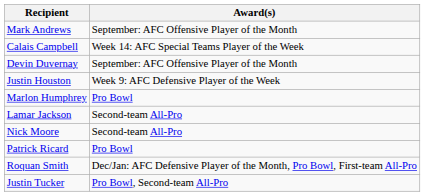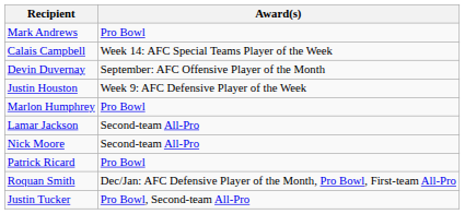 <table class="wikitable">
 <tr>
 <th>Recipient</th>
 <th>Award(s)</th>
 </tr>
 <tr>
 <td><a href='#'>Mark Andrews</a></td>
-<td>September: AFC Offensive Player of the Month</td>
+<td><a href='#'>Pro Bowl</a></td>
 </tr>
 <tr>
 <td><a href='#'>Calais Campbell</a></td>
 <td>Week 14: AFC Special Teams Player of the Week</td>
 </tr>
 <tr>
 <td><a href='#'>Devin Duvernay</a></td>
 <td>September: AFC Offensive Player of the Month</td>
 </tr>
 <tr>
 <td><a href='#'>Justin Houston</a></td>
 <td>Week 9: AFC Defensive Player of the Week</td>
 </tr>
 <tr>
 <td><a href='#'>Marlon Humphrey</a></td>
 <td><a href='#'>Pro Bowl</a></td>
 </tr>
 <tr>
 <td><a href='#'>Lamar Jackson</a></td>
 <td>Second-team <a href='#'>All-Pro</a></td>
 </tr>
 <tr>
 <td><a href='#'>Nick Moore</a></td>
 <td>Second-team <a href='#'>All-Pro</a></td>
 </tr>
 <tr>
 <td><a href='#'>Patrick Ricard</a></td>
 <td><a href='#'>Pro Bowl</a></td>
 </tr>
 <tr>
 <td><a href='#'>Roquan Smith</a></td>
 <td>Dec/Jan: AFC Defensive Player of the Month, <a href='#'>Pro Bowl</a>, First-team <a href='#'>All-Pro</a></td>
 </tr>
 <tr>
 <td><a href='#'>Justin Tucker</a></td>
 <td><a href='#'>Pro Bowl</a>, Second-team <a href='#'>All-Pro</a></td>
 </tr>
 </table>
